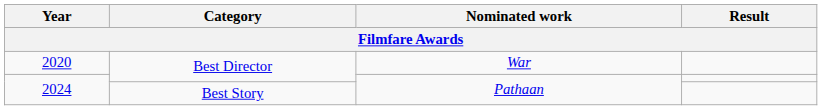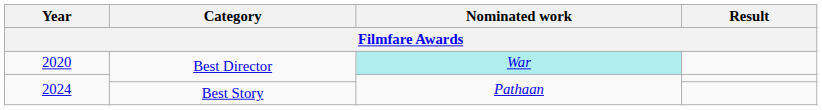 <table class="wikitable sortable" style="width: 100%; text-align: center;">
 <tr>
 <th scope="col">Year</th>
 <th scope="col">Category</th>
 <th scope="col">Nominated work</th>
 <th scope="col">Result</th>
 </tr>
 <tr>
 <th colspan="6" style="background:FFC1CC;"><a href='#'>Filmfare Awards</a></th>
 </tr>
 <tr>
 <td rowspan="1"><a href='#'>2020</a></td>
 <td rowspan="2"><a href='#'>Best Director</a></td>
-<td rowspan="1"><em><a href='#'>War</a></em></td>
+<td rowspan="1" style="background: paleturquoise;"><em><a href='#'>War</a></em></td>
 <td></td>
 </tr>
 <tr>
 <td rowspan="2"><a href='#'>2024</a></td>
 <td rowspan="2"><em><a href='#'>Pathaan</a></em></td>
 <td></td>
 </tr>
 <tr>
 <td><a href='#'>Best Story</a></td>
 <td></td>
 </tr>
 </table>
